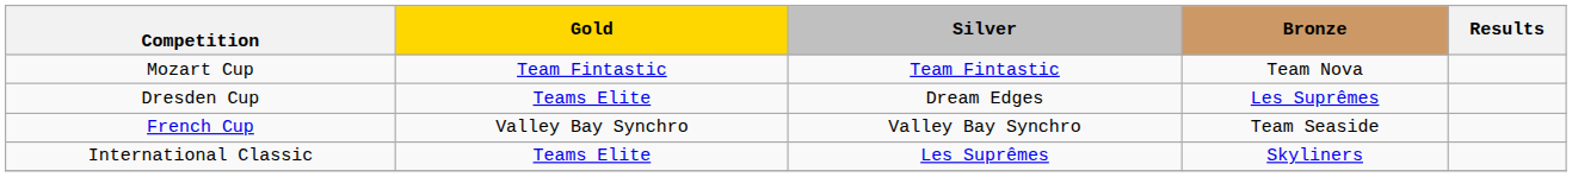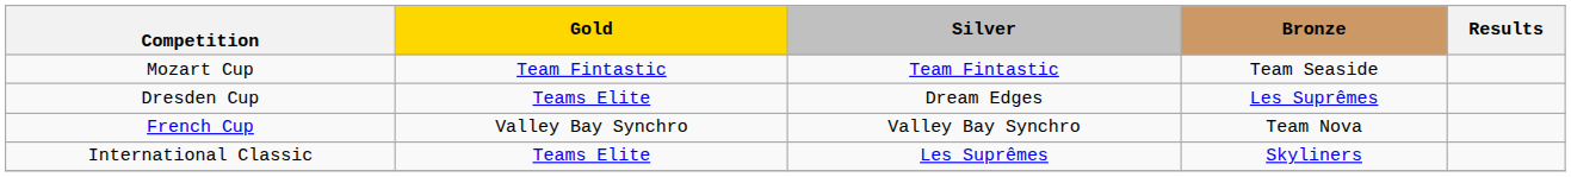 <table class="wikitable" style="text-align:center; width:90%;">
 <tr>
 <th scope="col" style="text-align:center; width:25%;"><br>Competition</th>
 <td bgcolor="gold" align="center"><strong>Gold</strong></td>
 <td bgcolor="silver" align="center"><strong>Silver</strong></td>
 <td bgcolor="cc9966" align="center"><strong>Bronze</strong></td>
 <th scope="col" style="text-align:center; width:7.5%;">Results</th>
 </tr>
 <tr>
 <td align="center">Mozart Cup</td>
 <td><a href='#'>Team Fintastic</a></td>
 <td><a href='#'>Team Fintastic</a></td>
-<td>Team Nova</td>
+<td>Team Seaside</td>
 <td></td>
 </tr>
 <tr>
 <td>Dresden Cup</td>
 <td><a href='#'>Teams Elite</a></td>
 <td>Dream Edges</td>
 <td><a href='#'>Les Suprêmes</a></td>
 <td></td>
 </tr>
 <tr>
 <td><a href='#'>French Cup</a></td>
 <td>Valley Bay Synchro</td>
 <td>Valley Bay Synchro</td>
-<td>Team Seaside</td>
+<td>Team Nova</td>
 <td></td>
 </tr>
 <tr>
 <td>International Classic</td>
 <td><a href='#'>Teams Elite</a></td>
 <td><a href='#'>Les Suprêmes</a></td>
 <td><a href='#'>Skyliners</a></td>
 <td></td>
 </tr>
 <tr>
 </tr>
 </table>
